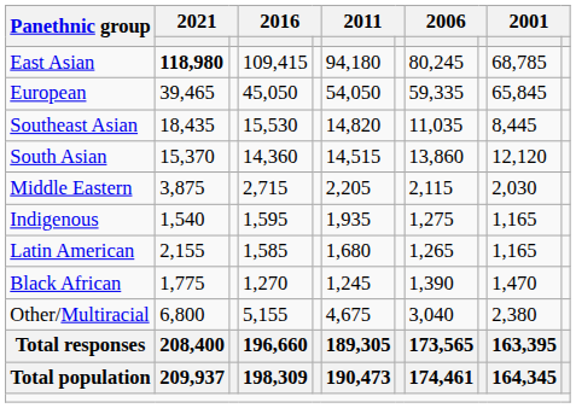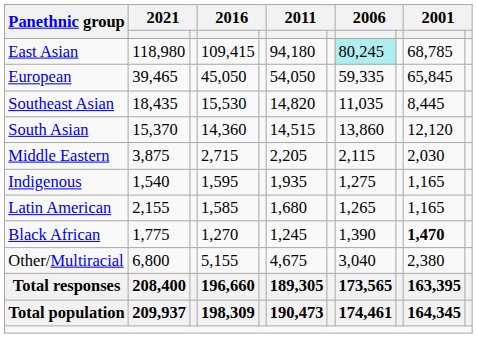 <table class="wikitable collapsible sortable">
 <tr>
 <th rowspan="2"><a href='#'>Panethnic</a> group</th>
 <th colspan="2">2021</th>
 <th colspan="2">2016</th>
 <th colspan="2">2011</th>
 <th colspan="2">2006</th>
 <th colspan="2">2001</th>
 </tr>
 <tr>
 <th><a href='#'></a></th>
 <th></th>
 <th></th>
 <th></th>
 <th></th>
 <th></th>
 <th></th>
 <th></th>
 <th></th>
 <th></th>
 </tr>
 <tr>
 <td><a href='#'>East Asian</a></td>
-<td><strong>118,980</strong></td>
+<td>118,980</td>
 <td></td>
 <td>109,415</td>
 <td></td>
 <td>94,180</td>
 <td></td>
-<td>80,245</td>
+<td style="background: paleturquoise;">80,245</td>
 <td></td>
 <td>68,785</td>
 <td></td>
 </tr>
 <tr>
 <td><a href='#'>European</a></td>
 <td>39,465</td>
 <td></td>
 <td>45,050</td>
 <td></td>
 <td>54,050</td>
 <td></td>
 <td>59,335</td>
 <td></td>
 <td>65,845</td>
 <td></td>
 </tr>
 <tr>
 <td><a href='#'>Southeast Asian</a></td>
 <td>18,435</td>
 <td></td>
 <td>15,530</td>
 <td></td>
 <td>14,820</td>
 <td></td>
 <td>11,035</td>
 <td></td>
 <td>8,445</td>
 <td></td>
 </tr>
 <tr>
 <td><a href='#'>South Asian</a></td>
 <td>15,370</td>
 <td></td>
 <td>14,360</td>
 <td></td>
 <td>14,515</td>
 <td></td>
 <td>13,860</td>
 <td></td>
 <td>12,120</td>
 <td></td>
 </tr>
 <tr>
 <td><a href='#'>Middle Eastern</a></td>
 <td>3,875</td>
 <td></td>
 <td>2,715</td>
 <td></td>
 <td>2,205</td>
 <td></td>
 <td>2,115</td>
 <td></td>
 <td>2,030</td>
 <td></td>
 </tr>
 <tr>
 <td><a href='#'>Indigenous</a></td>
 <td>1,540</td>
 <td></td>
 <td>1,595</td>
 <td></td>
 <td>1,935</td>
 <td></td>
 <td>1,275</td>
 <td></td>
 <td>1,165</td>
 <td></td>
 </tr>
 <tr>
 <td><a href='#'>Latin American</a></td>
 <td>2,155</td>
 <td></td>
 <td>1,585</td>
 <td></td>
 <td>1,680</td>
 <td></td>
 <td>1,265</td>
 <td></td>
 <td>1,165</td>
 <td></td>
 </tr>
 <tr>
 <td><a href='#'>Black African</a></td>
 <td>1,775</td>
 <td></td>
 <td>1,270</td>
 <td></td>
 <td>1,245</td>
 <td></td>
 <td>1,390</td>
 <td></td>
-<td>1,470</td>
+<td><strong>1,470</strong></td>
 <td></td>
 </tr>
 <tr>
 <td>Other/<a href='#'>Multiracial</a></td>
 <td>6,800</td>
 <td></td>
 <td>5,155</td>
 <td></td>
 <td>4,675</td>
 <td></td>
 <td>3,040</td>
 <td></td>
 <td>2,380</td>
 <td></td>
 </tr>
 <tr>
 <th>Total responses</th>
 <th>208,400</th>
 <th></th>
 <th>196,660</th>
 <th></th>
 <th>189,305</th>
 <th></th>
 <th>173,565</th>
 <th></th>
 <th>163,395</th>
 <th></th>
 </tr>
 <tr>
 <th>Total population</th>
 <th>209,937</th>
 <th></th>
 <th>198,309</th>
 <th></th>
 <th>190,473</th>
 <th></th>
 <th>174,461</th>
 <th></th>
 <th>164,345</th>
 <th></th>
 </tr>
 <tr class="sortbottom">
 <td colspan="15"></td>
 </tr>
 </table>
